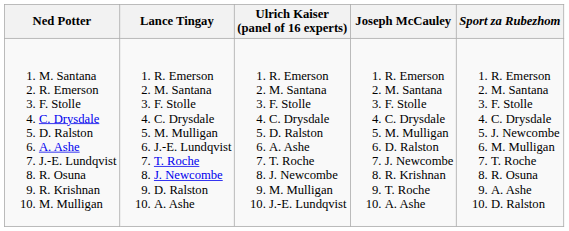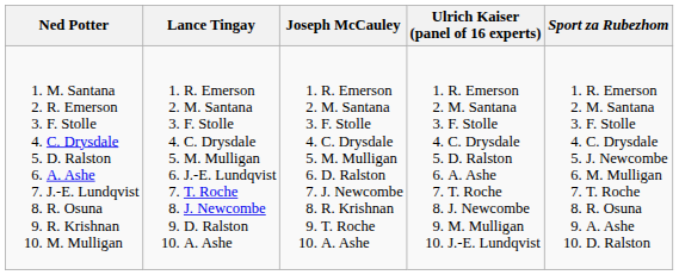 <table class="wikitable">
 <tr>
 <th>Ned Potter</th>
 <th>Lance Tingay<strong></strong></th>
+<th>Joseph McCauley<em></em></th>
 <th>Ulrich Kaiser<em></em><br>(panel of 16 experts)</th>
-<th>Joseph McCauley<em></em></th>
 <th><strong><em>Sport za Rubezhom</em></strong></th>
 </tr>
 <tr style="vertical-align: top;">
 <td style="white-space: nowrap;"><br><ol><li> M. Santana</li><li> R. Emerson</li><li> F. Stolle</li><li> <a href='#'>C. Drysdale</a></li><li> D. Ralston</li><li> <a href='#'>A. Ashe</a></li><li> J.-E. Lundqvist</li><li> R. Osuna</li><li> R. Krishnan</li><li> M. Mulligan</li></ol></td>
 <td style="white-space: nowrap;"><br><ol><li> R. Emerson</li><li> M. Santana</li><li> F. Stolle</li><li> C. Drysdale</li><li> M. Mulligan</li><li> J.-E. Lundqvist</li><li> <a href='#'>T. Roche</a></li><li> <a href='#'>J. Newcombe</a></li><li> D. Ralston</li><li> A. Ashe</li></ol></td>
+<td style="white-space: nowrap;"><br><ol><li> R. Emerson</li><li> M. Santana</li><li> F. Stolle</li><li> C. Drysdale</li><li> M. Mulligan</li><li> D. Ralston</li><li> J. Newcombe</li><li> R. Krishnan</li><li> T. Roche</li><li> A. Ashe</li></ol></td>
 <td style="white-space: nowrap;"><br><ol><li> R. Emerson</li><li> M. Santana</li><li> F. Stolle</li><li> C. Drysdale</li><li> D. Ralston</li><li> A. Ashe</li><li> T. Roche</li><li> J. Newcombe</li><li> M. Mulligan</li><li> J.-E. Lundqvist</li></ol></td>
-<td style="white-space: nowrap;"><br><ol><li> R. Emerson</li><li> M. Santana</li><li> F. Stolle</li><li> C. Drysdale</li><li> M. Mulligan</li><li> D. Ralston</li><li> J. Newcombe</li><li> R. Krishnan</li><li> T. Roche</li><li> A. Ashe</li></ol></td>
 <td style="white-space: nowrap;"><br><ol><li> R. Emerson</li><li> M. Santana</li><li> F. Stolle</li><li> C. Drysdale</li><li> J. Newcombe</li><li> M. Mulligan</li><li> T. Roche</li><li> R. Osuna</li><li> A. Ashe</li><li> D. Ralston</li></ol></td>
 </tr>
 </table>
